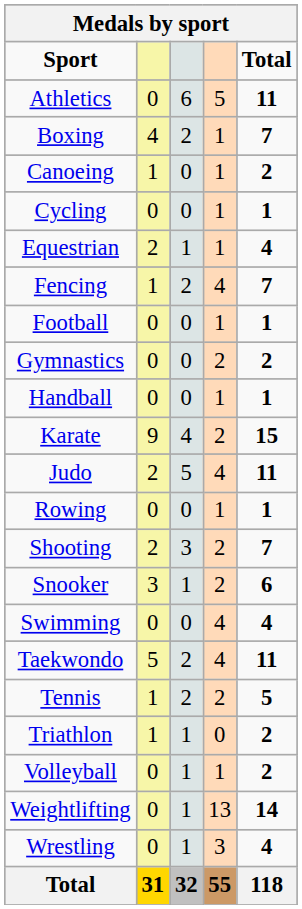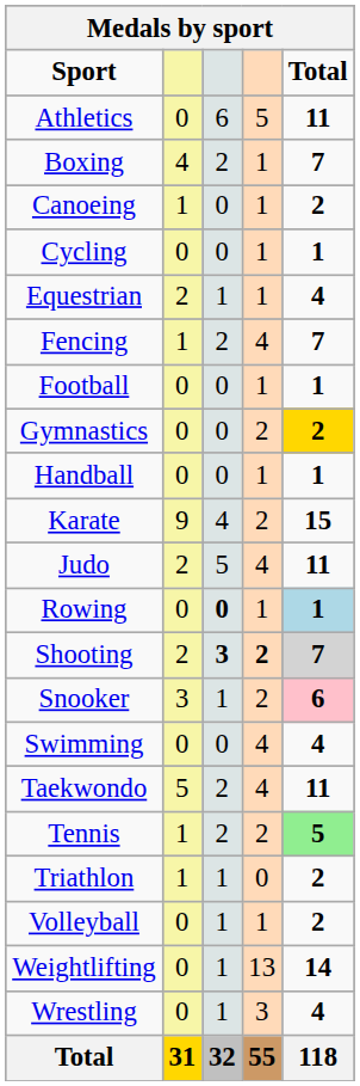 <table class="wikitable" style="font-size:85%; text-align:center;">
 <tr style="background:#efefef;">
 <th colspan=5><strong>Medals by sport</strong></th>
 </tr>
 <tr>
 <td><strong>Sport</strong></td>
 <td style="background:#f7f6a8;"></td>
 <td style="background:#dce5e5;"></td>
 <td style="background:#ffdab9;"></td>
 <td><strong>Total</strong></td>
 </tr>
 <tr>
 <td><a href='#'>Athletics</a></td>
 <td style="background:#F7F6A8;">0</td>
 <td style="background:#DCE5E5;">6</td>
 <td style="background:#FFDAB9;">5</td>
 <td><strong>11</strong></td>
 </tr>
 <tr>
 <td><a href='#'>Boxing</a></td>
 <td style="background:#F7F6A8;">4</td>
 <td style="background:#DCE5E5;">2</td>
 <td style="background:#FFDAB9;">1</td>
 <td><strong>7</strong></td>
 </tr>
 <tr>
 <td><a href='#'>Canoeing</a></td>
 <td style="background:#F7F6A8;">1</td>
 <td style="background:#DCE5E5;">0</td>
 <td style="background:#FFDAB9;">1</td>
 <td><strong>2</strong></td>
 </tr>
 <tr>
 <td><a href='#'>Cycling</a></td>
 <td style="background:#F7F6A8;">0</td>
 <td style="background:#DCE5E5;">0</td>
 <td style="background:#FFDAB9;">1</td>
 <td><strong>1</strong></td>
 </tr>
 <tr>
 <td><a href='#'>Equestrian</a></td>
 <td style="background:#F7F6A8;">2</td>
 <td style="background:#DCE5E5;">1</td>
 <td style="background:#FFDAB9;">1</td>
 <td><strong>4</strong></td>
 </tr>
 <tr>
 <td><a href='#'>Fencing</a></td>
 <td style="background:#F7F6A8;">1</td>
 <td style="background:#DCE5E5;">2</td>
 <td style="background:#FFDAB9;">4</td>
 <td><strong>7</strong></td>
 </tr>
 <tr>
 <td><a href='#'>Football</a></td>
 <td style="background:#F7F6A8;">0</td>
 <td style="background:#DCE5E5;">0</td>
 <td style="background:#FFDAB9;">1</td>
 <td><strong>1</strong></td>
 </tr>
 <tr>
 <td><a href='#'>Gymnastics</a></td>
 <td style="background:#F7F6A8;">0</td>
 <td style="background:#DCE5E5;">0</td>
 <td style="background:#FFDAB9;">2</td>
-<td><strong>2</strong></td>
+<td style="background: gold;"><strong>2</strong></td>
 </tr>
 <tr>
 <td><a href='#'>Handball</a></td>
 <td style="background:#F7F6A8;">0</td>
 <td style="background:#DCE5E5;">0</td>
 <td style="background:#FFDAB9;">1</td>
 <td><strong>1</strong></td>
 </tr>
 <tr>
 <td><a href='#'>Karate</a></td>
 <td style="background:#F7F6A8;">9</td>
 <td style="background:#DCE5E5;">4</td>
 <td style="background:#FFDAB9;">2</td>
 <td><strong>15</strong></td>
 </tr>
 <tr>
 <td><a href='#'>Judo</a></td>
 <td style="background:#F7F6A8;">2</td>
 <td style="background:#DCE5E5;">5</td>
 <td style="background:#FFDAB9;">4</td>
 <td><strong>11</strong></td>
 </tr>
 <tr>
 <td><a href='#'>Rowing</a></td>
 <td style="background:#F7F6A8;">0</td>
-<td style="background:#DCE5E5;">0</td>
+<td style="background:#DCE5E5;"><strong>0</strong></td>
 <td style="background:#FFDAB9;">1</td>
-<td><strong>1</strong></td>
+<td style="background: lightblue;"><strong>1</strong></td>
 </tr>
 <tr>
 <td><a href='#'>Shooting</a></td>
 <td style="background:#F7F6A8;">2</td>
-<td style="background:#DCE5E5;">3</td>
-<td style="background:#FFDAB9;">2</td>
-<td><strong>7</strong></td>
+<td style="background:#DCE5E5;"><strong>3</strong></td>
+<td style="background:#FFDAB9;"><strong>2</strong></td>
+<td style="background: lightgrey;"><strong>7</strong></td>
 </tr>
 <tr>
 <td><a href='#'>Snooker</a></td>
 <td style="background:#F7F6A8;">3</td>
 <td style="background:#DCE5E5;">1</td>
 <td style="background:#FFDAB9;">2</td>
-<td><strong>6</strong></td>
+<td style="background: pink;"><strong>6</strong></td>
 </tr>
 <tr>
 <td><a href='#'>Swimming</a></td>
 <td style="background:#F7F6A8;">0</td>
 <td style="background:#DCE5E5;">0</td>
 <td style="background:#FFDAB9;">4</td>
 <td><strong>4</strong></td>
 </tr>
 <tr>
 <td><a href='#'>Taekwondo</a></td>
 <td style="background:#F7F6A8;">5</td>
 <td style="background:#DCE5E5;">2</td>
 <td style="background:#FFDAB9;">4</td>
 <td><strong>11</strong></td>
 </tr>
 <tr>
 <td><a href='#'>Tennis</a></td>
 <td style="background:#F7F6A8;">1</td>
 <td style="background:#DCE5E5;">2</td>
 <td style="background:#FFDAB9;">2</td>
-<td><strong>5</strong></td>
+<td style="background: lightgreen;"><strong>5</strong></td>
 </tr>
 <tr>
 <td><a href='#'>Triathlon</a></td>
 <td style="background:#F7F6A8;">1</td>
 <td style="background:#DCE5E5;">1</td>
 <td style="background:#FFDAB9;">0</td>
 <td><strong>2</strong></td>
 </tr>
 <tr>
 <td><a href='#'>Volleyball</a></td>
 <td style="background:#F7F6A8;">0</td>
 <td style="background:#DCE5E5;">1</td>
 <td style="background:#FFDAB9;">1</td>
 <td><strong>2</strong></td>
 </tr>
 <tr>
 <td><a href='#'>Weightlifting</a></td>
 <td style="background:#F7F6A8;">0</td>
 <td style="background:#DCE5E5;">1</td>
 <td style="background:#FFDAB9;">13</td>
 <td><strong>14</strong></td>
 </tr>
 <tr>
 <td><a href='#'>Wrestling</a></td>
 <td style="background:#F7F6A8;">0</td>
 <td style="background:#DCE5E5;">1</td>
 <td style="background:#FFDAB9;">3</td>
 <td><strong>4</strong></td>
 </tr>
 <tr>
 <th>Total</th>
 <th style="background:gold;">31</th>
 <th style="background:silver;">32</th>
 <th style="background:#c96;">55</th>
 <th>118</th>
 </tr>
 </table>
